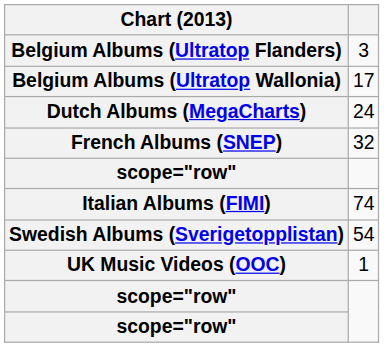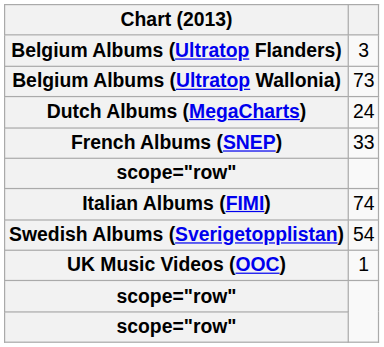 <table class="wikitable sortable plainrowheaders">
 <tr>
 <th scope="column">Chart (2013)</th>
 <th></th>
 </tr>
 <tr>
 <th scope="row">Belgium Albums (<a href='#'>Ultratop</a> Flanders)</th>
 <td style="text-align:center;">3</td>
 </tr>
 <tr>
 <th scope="row">Belgium Albums (<a href='#'>Ultratop</a> Wallonia)</th>
-<td style="text-align:center;">17</td>
+<td style="text-align:center;">73</td>
 </tr>
 <tr>
 <th scope="row">Dutch Albums (<a href='#'>MegaCharts</a>)</th>
 <td style="text-align:center;">24</td>
 </tr>
 <tr>
 <th scope="row">French Albums (<a href='#'>SNEP</a>)</th>
-<td style="text-align:center;">32</td>
+<td style="text-align:center;">33</td>
 </tr>
 <tr>
 <th>scope="row" </th>
 </tr>
 <tr>
 <th scope="row">Italian Albums (<a href='#'>FIMI</a>)</th>
 <td style="text-align:center;">74</td>
 </tr>
 <tr>
 <th scope="row">Swedish Albums (<a href='#'>Sverigetopplistan</a>)</th>
 <td style="text-align:center;">54</td>
 </tr>
 <tr>
 <th scope="row">UK Music Videos (<a href='#'>OOC</a>)</th>
 <td align="center">1</td>
 </tr>
 <tr>
 <th>scope="row" </th>
 </tr>
 <tr>
 <th>scope="row" </th>
 </tr>
 </table>
